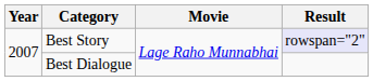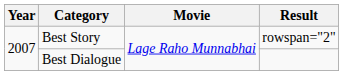 <table class="wikitable">
 <tr>
 <th>Year</th>
 <th>Category</th>
 <th>Movie</th>
 <th>Result</th>
 </tr>
 <tr>
 <td rowspan="2">2007</td>
 <td>Best Story</td>
 <td rowspan="2"><em><a href='#'>Lage Raho Munnabhai</a></em></td>
-<td style="background: lavender;">rowspan="2"</td>
+<td>rowspan="2"</td>
 </tr>
 <tr>
 <td>Best Dialogue</td>
 </tr>
 </table>
